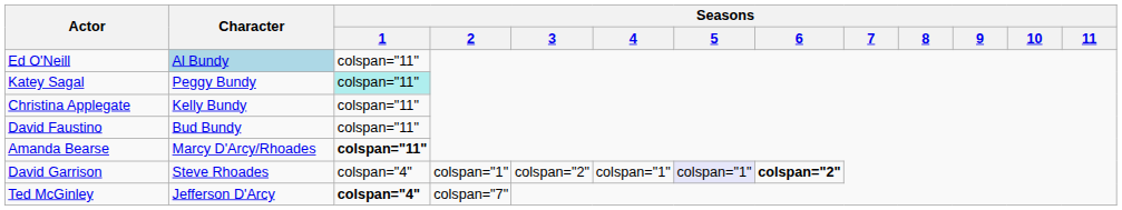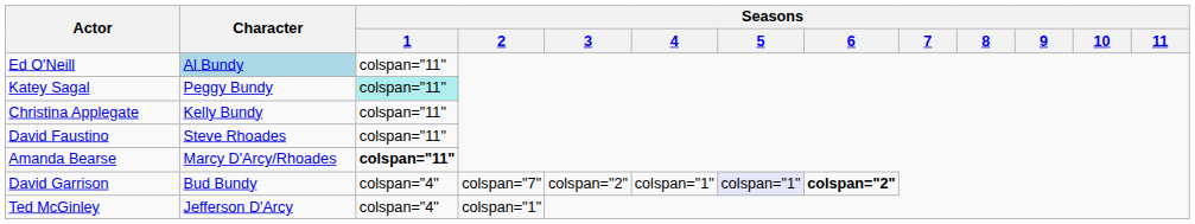 <table class="wikitable plainrowheaders" style="width:100%;">
 <tr>
 <th rowspan="2" style="width:15%;">Actor</th>
 <th rowspan="2" style="width:15%;">Character</th>
 <th colspan="11">Seasons</th>
 </tr>
 <tr>
 <th style="width:5%;"><a href='#'>1</a></th>
 <th style="width:5%;"><a href='#'>2</a></th>
 <th style="width:5%;"><a href='#'>3</a></th>
 <th style="width:5%;"><a href='#'>4</a></th>
 <th style="width:5%;"><a href='#'>5</a></th>
 <th style="width:5%;"><a href='#'>6</a></th>
 <th style="width:5%;"><a href='#'>7</a></th>
 <th style="width:5%;"><a href='#'>8</a></th>
 <th style="width:5%;"><a href='#'>9</a></th>
 <th style="width:5%;"><a href='#'>10</a></th>
 <th style="width:5%;"><a href='#'>11</a></th>
 </tr>
 <tr>
 <td><a href='#'>Ed O'Neill</a></td>
 <td style="background: lightblue;"><a href='#'>Al Bundy</a></td>
 <td>colspan="11" </td>
 </tr>
 <tr>
 <td><a href='#'>Katey Sagal</a></td>
 <td><a href='#'>Peggy Bundy</a></td>
 <td style="background: paleturquoise;">colspan="11" </td>
 </tr>
 <tr>
 <td><a href='#'>Christina Applegate</a></td>
 <td><a href='#'>Kelly Bundy</a></td>
 <td>colspan="11" </td>
 </tr>
 <tr>
 <td><a href='#'>David Faustino</a></td>
-<td><a href='#'>Bud Bundy</a></td>
+<td><a href='#'>Steve Rhoades</a></td>
 <td>colspan="11" </td>
 </tr>
 <tr>
 <td><a href='#'>Amanda Bearse</a></td>
 <td><a href='#'>Marcy D'Arcy/Rhoades</a></td>
 <td><strong>colspan="11" </strong></td>
 </tr>
 <tr>
 <td><a href='#'>David Garrison</a></td>
-<td><a href='#'>Steve Rhoades</a></td>
+<td><a href='#'>Bud Bundy</a></td>
 <td>colspan="4" </td>
-<td>colspan="1" </td>
+<td>colspan="7" </td>
 <td>colspan="2" </td>
 <td>colspan="1" </td>
 <td style="background: lavender;">colspan="1" </td>
 <td><strong>colspan="2" </strong></td>
 </tr>
 <tr>
 <td><a href='#'>Ted McGinley</a></td>
 <td><a href='#'>Jefferson D'Arcy</a></td>
-<td><strong>colspan="4" </strong></td>
-<td>colspan="7" </td>
+<td>colspan="4" </td>
+<td>colspan="1" </td>
 </tr>
 </table>
